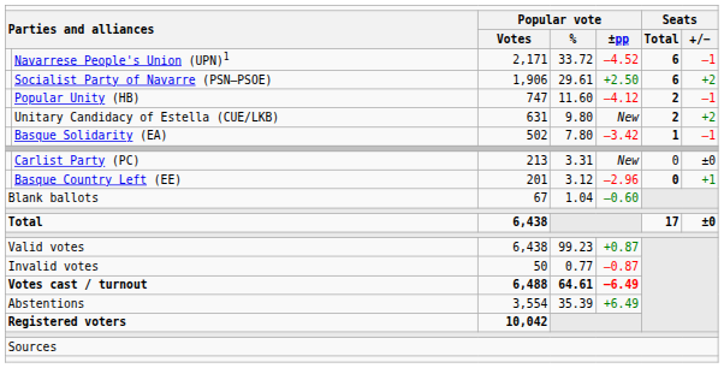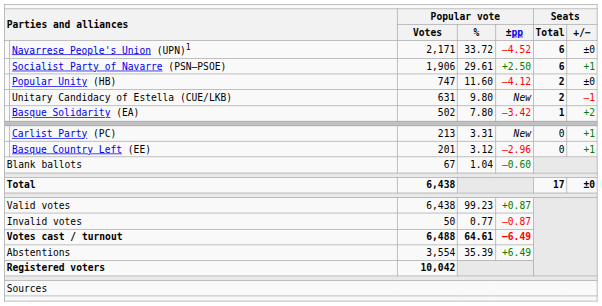 <table class="wikitable" style="text-align:right;">
 <tr>
 <td colspan="7"></td>
 </tr>
 <tr>
 <th style="text-align:left;" rowspan="2" colspan="2" width="525">Parties and alliances</th>
 <th colspan="3">Popular vote</th>
 <th colspan="2">Seats</th>
 </tr>
 <tr>
 <th width="75">Votes</th>
 <th width="45">%</th>
 <th width="45">±<a href='#'>pp</a></th>
 <th width="35">Total</th>
 <th width="35">+/−</th>
 </tr>
 <tr>
 <td width="1" style="color:inherit;background:"></td>
 <td align="left"><a href='#'>Navarrese People's Union</a> (UPN)<sup>1</sup></td>
 <td>2,171</td>
 <td>33.72</td>
 <td style="color:red;">–4.52</td>
 <td><strong>6</strong></td>
-<td style="color:red;">–1</td>
+<td>±0</td>
 </tr>
 <tr>
 <td style="color:inherit;background:"></td>
 <td align="left"><a href='#'>Socialist Party of Navarre</a> (PSN–PSOE)</td>
 <td>1,906</td>
 <td>29.61</td>
 <td style="color:green;">+2.50</td>
 <td><strong>6</strong></td>
-<td style="color:green;">+2</td>
+<td style="color:green;">+1</td>
 </tr>
 <tr>
 <td style="color:inherit;background:"></td>
 <td align="left"><a href='#'>Popular Unity</a> (HB)</td>
 <td>747</td>
 <td>11.60</td>
 <td style="color:red;">–4.12</td>
 <td><strong>2</strong></td>
-<td style="color:red;">–1</td>
+<td>±0</td>
 </tr>
 <tr>
 <td style="color:inherit;background:"></td>
 <td align="left">Unitary Candidacy of Estella (CUE/LKB)</td>
 <td>631</td>
 <td>9.80</td>
 <td><em>New</em></td>
 <td><strong>2</strong></td>
-<td style="color:green;">+2</td>
+<td style="color:red;">–1</td>
 </tr>
 <tr>
 <td style="color:inherit;background:"></td>
 <td align="left"><a href='#'>Basque Solidarity</a> (EA)</td>
 <td>502</td>
 <td>7.80</td>
 <td style="color:red;">–3.42</td>
 <td><strong>1</strong></td>
-<td style="color:red;">–1</td>
+<td style="color:green;">+2</td>
 </tr>
 <tr>
 <td colspan="7" bgcolor="#C0C0C0"></td>
 </tr>
 <tr>
 <td style="color:inherit;background:"></td>
 <td align="left"><a href='#'>Carlist Party</a> (PC)</td>
 <td>213</td>
 <td>3.31</td>
 <td><em>New</em></td>
 <td>0</td>
-<td>±0</td>
+<td style="color:green;">+1</td>
 </tr>
 <tr>
 <td style="color:inherit;background:"></td>
 <td align="left"><a href='#'>Basque Country Left</a> (EE)</td>
 <td>201</td>
 <td>3.12</td>
 <td style="color:red;">–2.96</td>
-<td><strong>0</strong></td>
+<td>0</td>
 <td style="color:green;">+1</td>
 </tr>
 <tr>
 <td align="left" colspan="2">Blank ballots</td>
 <td>67</td>
 <td>1.04</td>
 <td style="color:green;">–0.60</td>
 <td bgcolor="#E9E9E9" colspan="2"></td>
 </tr>
 <tr>
 <td colspan="7" bgcolor="#E9E9E9"></td>
 </tr>
 <tr style="font-weight:bold;">
 <td align="left" colspan="2">Total</td>
 <td>6,438</td>
 <td bgcolor="#E9E9E9" colspan="2"></td>
 <td>17</td>
 <td>±0</td>
 </tr>
 <tr>
 <td colspan="7" bgcolor="#E9E9E9"></td>
 </tr>
 <tr>
 <td align="left" colspan="2">Valid votes</td>
 <td>6,438</td>
 <td>99.23</td>
 <td style="color:green;">+0.87</td>
 <td bgcolor="#E9E9E9" colspan="2" rowspan="5"></td>
 </tr>
 <tr>
 <td align="left" colspan="2">Invalid votes</td>
 <td>50</td>
 <td>0.77</td>
 <td style="color:red;">–0.87</td>
 </tr>
 <tr style="font-weight:bold;">
 <td align="left" colspan="2">Votes cast / turnout</td>
 <td>6,488</td>
 <td>64.61</td>
 <td style="color:red;">–6.49</td>
 </tr>
 <tr>
 <td align="left" colspan="2">Abstentions</td>
 <td>3,554</td>
 <td>35.39</td>
 <td style="color:green;">+6.49</td>
 </tr>
 <tr style="font-weight:bold;">
 <td align="left" colspan="2">Registered voters</td>
 <td>10,042</td>
 <td bgcolor="#E9E9E9" colspan="2"></td>
 </tr>
 <tr>
 <td colspan="7" bgcolor="#E9E9E9"></td>
 </tr>
 <tr>
 <td align="left" colspan="7">Sources</td>
 </tr>
 <tr>
 <td colspan="7" style="text-align:left; max-width:790px;"></td>
 </tr>
 </table>
